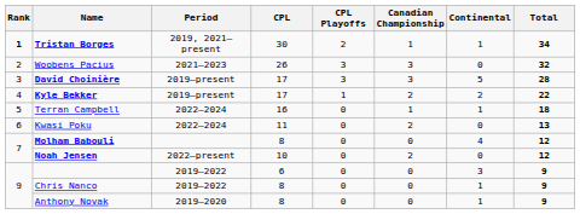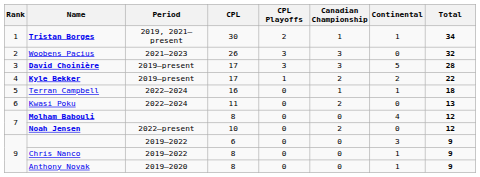 <table class="wikitable sortable" style="font-size: 95%; text-align: center;">
 <tr>
 <th width=30>Rank</th>
 <th width=150>Name</th>
 <th width=125>Period</th>
 <th width=75>CPL</th>
 <th width=75>CPL Playoffs</th>
 <th width=75>Canadian Championship</th>
 <th width=75>Continental</th>
 <th width=75>Total</th>
 </tr>
 <tr>
-<td><strong>1</strong></td>
+<td>1</td>
 <td align="left"> <strong><a href='#'>Tristan Borges</a></strong></td>
 <td>2019, 2021–present</td>
 <td>30</td>
 <td>2</td>
 <td>1</td>
 <td>1</td>
 <td><strong>34</strong></td>
 </tr>
 <tr>
 <td>2</td>
 <td align="left"> <a href='#'>Woobens Pacius</a></td>
 <td>2021–2023</td>
 <td>26</td>
 <td>3</td>
 <td>3</td>
 <td>0</td>
 <td><strong>32</strong></td>
 </tr>
 <tr>
 <td>3</td>
 <td align="left"> <strong><a href='#'>David Choinière</a></strong></td>
 <td>2019–present</td>
 <td>17</td>
 <td>3</td>
 <td>3</td>
 <td>5</td>
 <td><strong>28</strong></td>
 </tr>
 <tr>
 <td>4</td>
 <td align="left"> <strong><a href='#'>Kyle Bekker</a></strong></td>
 <td>2019–present</td>
 <td>17</td>
 <td>1</td>
 <td>2</td>
 <td>2</td>
 <td><strong>22</strong></td>
 </tr>
 <tr>
 <td>5</td>
 <td align="left"> <a href='#'>Terran Campbell</a></td>
 <td>2022–2024</td>
 <td>16</td>
 <td>0</td>
 <td>1</td>
 <td>1</td>
 <td><strong>18</strong></td>
 </tr>
 <tr>
 <td>6</td>
 <td align="left"> <a href='#'>Kwasi Poku</a></td>
 <td>2022–2024</td>
 <td>11</td>
 <td>0</td>
 <td>2</td>
 <td>0</td>
 <td><strong>13</strong></td>
 </tr>
 <tr>
 <td rowspan="2">7</td>
 <td align="left"> <strong><a href='#'>Molham Babouli</a></strong></td>
 <td> </td>
 <td>8</td>
 <td>0</td>
 <td>0</td>
 <td>4</td>
 <td><strong>12</strong></td>
 </tr>
 <tr>
 <td align="left"> <strong><a href='#'>Noah Jensen</a></strong></td>
 <td>2022–present</td>
 <td>10</td>
 <td>0</td>
 <td>2</td>
 <td>0</td>
 <td><strong>12</strong></td>
 </tr>
 <tr>
 <td rowspan="3">9</td>
 <td align="left"></td>
 <td>2019–2022</td>
 <td>6</td>
 <td>0</td>
 <td>0</td>
 <td>3</td>
 <td><strong>9</strong></td>
 </tr>
 <tr>
 <td align="left"> <a href='#'>Chris Nanco</a></td>
 <td>2019–2022</td>
 <td>8</td>
 <td>0</td>
 <td>0</td>
 <td>1</td>
 <td><strong>9</strong></td>
 </tr>
 <tr>
 <td align="left"> <a href='#'>Anthony Novak</a></td>
 <td>2019–2020</td>
 <td>8</td>
 <td>0</td>
 <td>0</td>
 <td>1</td>
 <td><strong>9</strong></td>
 </tr>
 </table>
